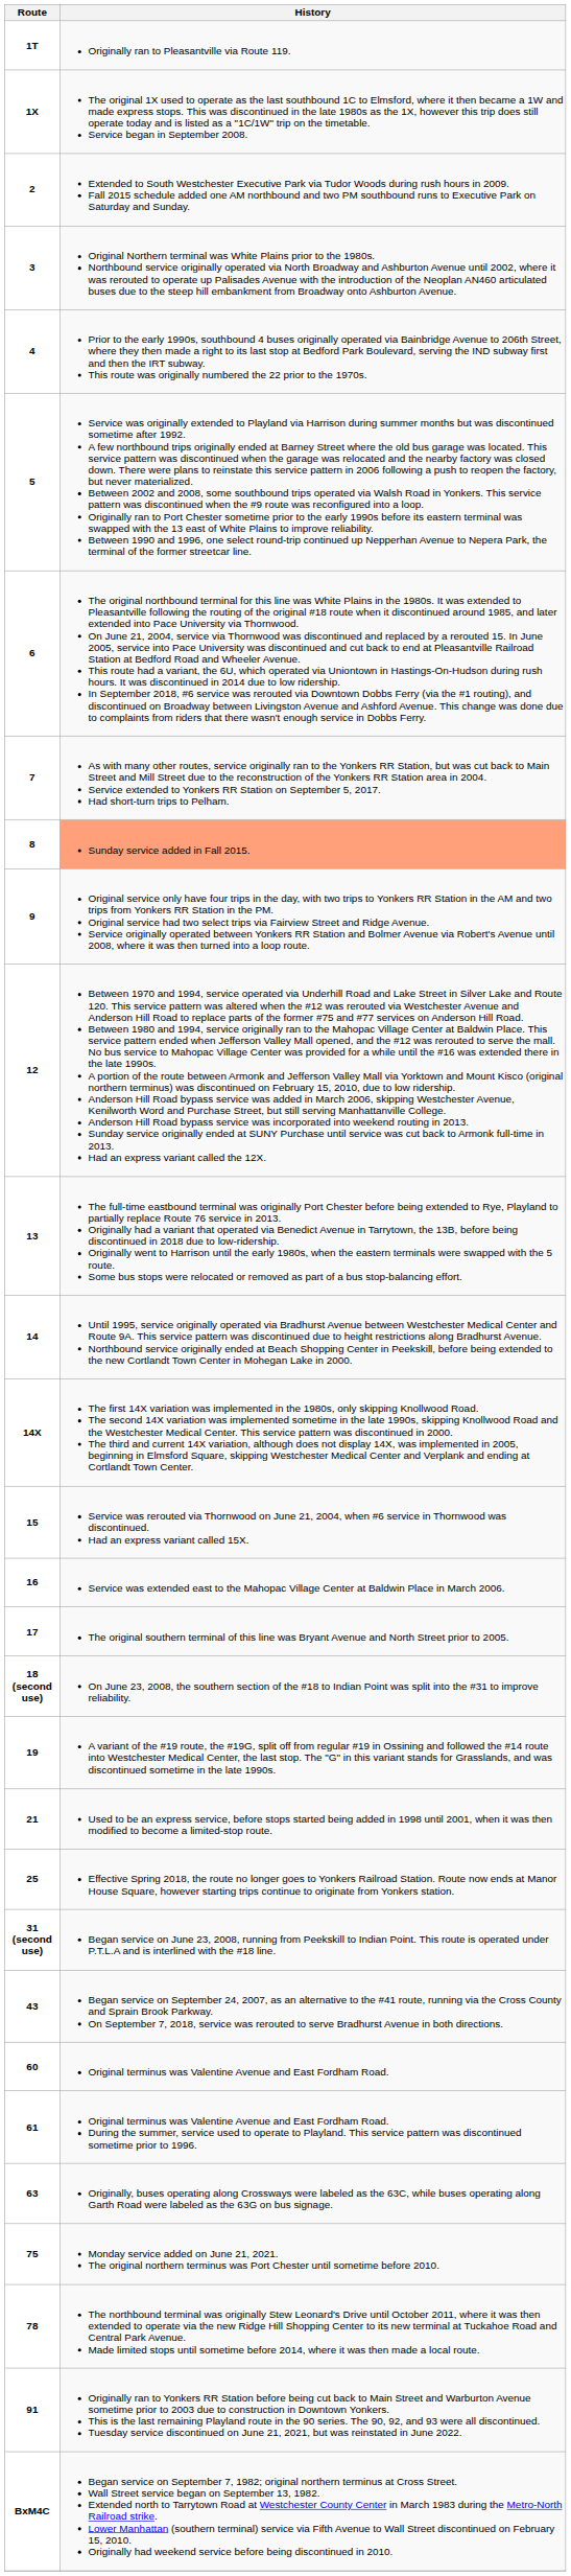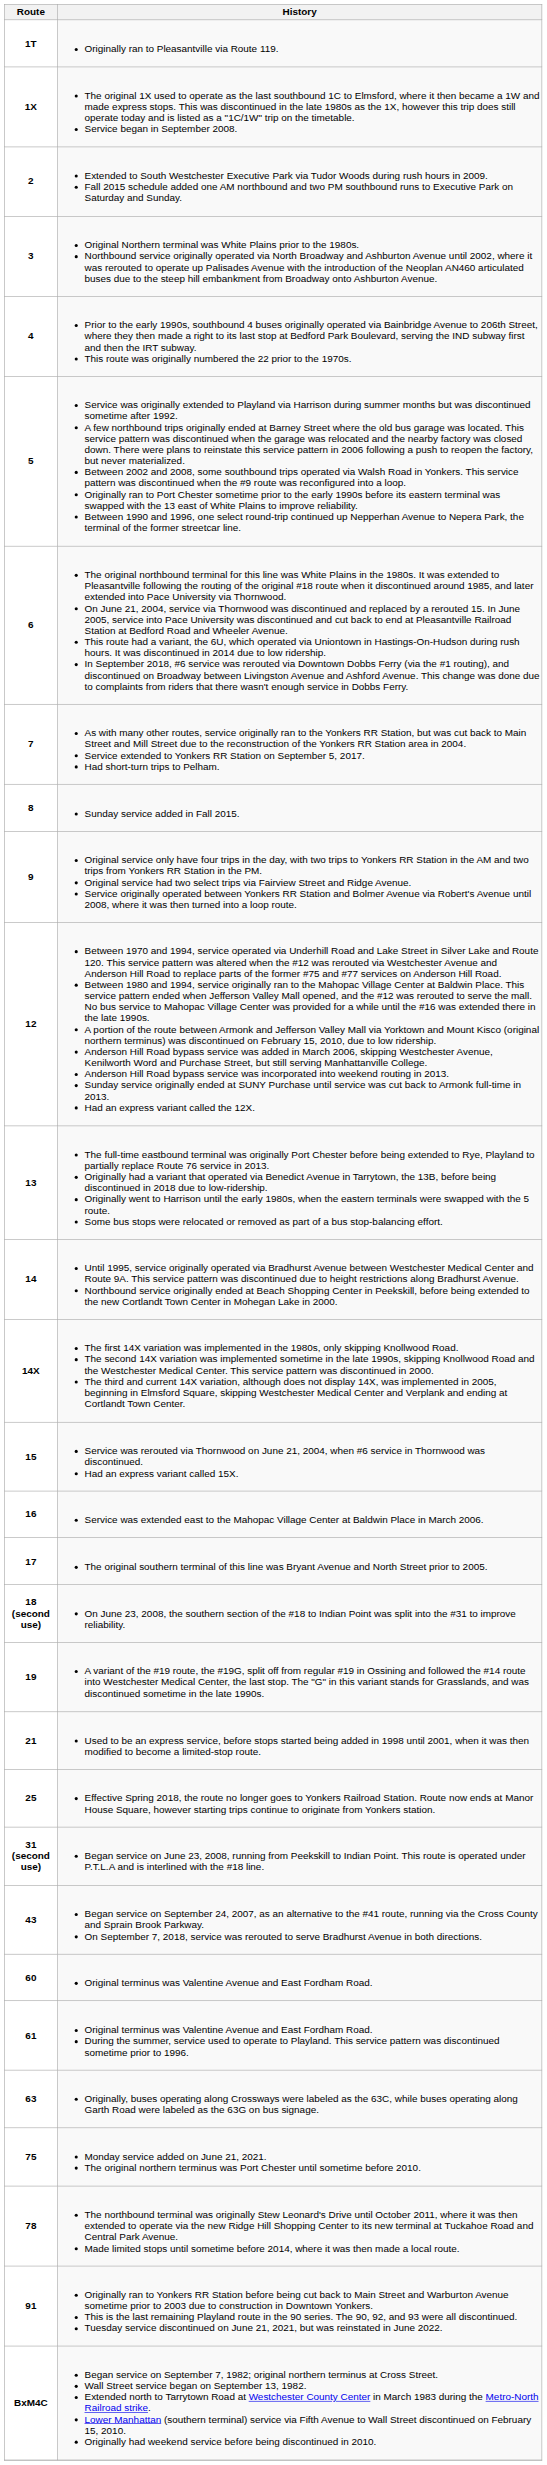 <table class=wikitable style="font-size: 100%;" |>
 <tr>
 <th>Route</th>
 <th>History</th>
 </tr>
 <tr>
 <td style="background:white; color:black" align="center" valign=center><strong>1T</strong></td>
 <td><br><ul><li>Originally ran to Pleasantville via Route 119.</li></ul></td>
 </tr>
 <tr>
 <td style="background:white; color:black" align="center" valign=center><strong>1X</strong></td>
 <td><br><ul><li>The original 1X used to operate as the last southbound 1C to Elmsford, where it then became a 1W and made express stops. This was discontinued in the late 1980s as the 1X, however this trip does still operate today and is listed as a "1C/1W" trip on the timetable.</li><li>Service began in September 2008.</li></ul></td>
 </tr>
 <tr>
 <td style="background:white; color:black" align="center" valign=center><strong>2</strong></td>
 <td><br><ul><li>Extended to South Westchester Executive Park via Tudor Woods during rush hours in 2009.</li><li>Fall 2015 schedule added one AM northbound and two PM southbound runs to Executive Park on Saturday and Sunday.</li></ul></td>
 </tr>
 <tr>
 <td style="background:white; color:black" align="center" valign=center><strong>3</strong></td>
 <td><br><ul><li>Original Northern terminal was White Plains prior to the 1980s.</li><li>Northbound service originally operated via North Broadway and Ashburton Avenue until 2002, where it was rerouted to operate up Palisades Avenue with the introduction of the Neoplan AN460 articulated buses due to the steep hill embankment from Broadway onto Ashburton Avenue.</li></ul></td>
 </tr>
 <tr>
 <td style="background:white; color:black" align="center" valign=center><strong>4</strong></td>
 <td><br><ul><li>Prior to the early 1990s, southbound 4 buses originally operated via Bainbridge Avenue to 206th Street, where they then made a right to its last stop at Bedford Park Boulevard, serving the IND subway first and then the IRT subway.</li><li>This route was originally numbered the 22 prior to the 1970s.</li></ul></td>
 </tr>
 <tr>
 <td style="background:white; color:black" align="center" valign=center><strong>5</strong></td>
 <td><br><ul><li>Service was originally extended to Playland via Harrison during summer months but was discontinued sometime after 1992.</li><li>A few northbound trips originally ended at Barney Street where the old bus garage was located. This service pattern was discontinued when the garage was relocated and the nearby factory was closed down. There were plans to reinstate this service pattern in 2006 following a push to reopen the factory, but never materialized.</li><li>Between 2002 and 2008, some southbound trips operated via Walsh Road in Yonkers. This service pattern was discontinued when the #9 route was reconfigured into a loop.</li><li>Originally ran to Port Chester sometime prior to the early 1990s before its eastern terminal was swapped with the 13 east of White Plains to improve reliability.</li><li>Between 1990 and 1996, one select round-trip continued up Nepperhan Avenue to Nepera Park, the terminal of the former streetcar line.</li></ul></td>
 </tr>
 <tr>
 <td style="background:white; color:black" align="center" valign=center><strong>6</strong></td>
 <td><br><ul><li>The original northbound terminal for this line was White Plains in the 1980s. It was extended to Pleasantville following the routing of the original #18 route when it discontinued around 1985, and later extended into Pace University via Thornwood.</li><li>On June 21, 2004, service via Thornwood was discontinued and replaced by a rerouted 15. In June 2005, service into Pace University was discontinued and cut back to end at Pleasantville Railroad Station at Bedford Road and Wheeler Avenue.</li><li>This route had a variant, the 6U, which operated via Uniontown in Hastings-On-Hudson during rush hours. It was discontinued in 2014 due to low ridership.</li><li>In September 2018, #6 service was rerouted via Downtown Dobbs Ferry (via the #1 routing), and discontinued on Broadway between Livingston Avenue and Ashford Avenue. This change was done due to complaints from riders that there wasn't enough service in Dobbs Ferry.</li></ul></td>
 </tr>
 <tr>
 <td style="background:white; color:black" align="center" valign=center><strong>7</strong></td>
 <td><br><ul><li>As with many other routes, service originally ran to the Yonkers RR Station, but was cut back to Main Street and Mill Street due to the reconstruction of the Yonkers RR Station area in 2004.</li><li>Service extended to Yonkers RR Station on September 5, 2017.</li><li>Had short-turn trips to Pelham.</li></ul></td>
 </tr>
 <tr>
 <td style="background:white; color:black" align="center" valign=center><strong>8</strong></td>
-<td style="background: lightsalmon;"><br><ul><li>Sunday service added in Fall 2015.</li></ul></td>
+<td><br><ul><li>Sunday service added in Fall 2015.</li></ul></td>
 </tr>
 <tr>
 <td style="background:white; color:black" align="center" valign=center><strong>9</strong></td>
 <td><br><ul><li>Original service only have four trips in the day, with two trips to Yonkers RR Station in the AM and two trips from Yonkers RR Station in the PM.</li><li>Original service had two select trips via Fairview Street and Ridge Avenue.</li><li>Service originally operated between Yonkers RR Station and Bolmer Avenue via Robert's Avenue until 2008, where it was then turned into a loop route.</li></ul></td>
 </tr>
 <tr>
 <td style="background:white; color:black" align="center" valign=center><strong>12</strong></td>
 <td><br><ul><li>Between 1970 and 1994, service operated via Underhill Road and Lake Street in Silver Lake and Route 120. This service pattern was altered when the #12 was rerouted via Westchester Avenue and Anderson Hill Road to replace parts of the former #75 and #77 services on Anderson Hill Road.</li><li>Between 1980 and 1994, service originally ran to the Mahopac Village Center at Baldwin Place. This service pattern ended when Jefferson Valley Mall opened, and the #12 was rerouted to serve the mall. No bus service to Mahopac Village Center was provided for a while until the #16 was extended there in the late 1990s.</li><li>A portion of the route between Armonk and Jefferson Valley Mall via Yorktown and Mount Kisco (original northern terminus) was discontinued on February 15, 2010, due to low ridership.</li><li>Anderson Hill Road bypass service was added in March 2006, skipping Westchester Avenue, Kenilworth Word and Purchase Street, but still serving Manhattanville College.</li><li>Anderson Hill Road bypass service was incorporated into weekend routing in 2013.</li><li>Sunday service originally ended at SUNY Purchase until service was cut back to Armonk full-time in 2013.</li><li>Had an express variant called the 12X.</li></ul></td>
 </tr>
 <tr>
 <td style="background:white; color:black" align="center" valign=center><strong>13</strong></td>
 <td><br><ul><li>The full-time eastbound terminal was originally Port Chester before being extended to Rye, Playland to partially replace Route 76 service in 2013.</li><li>Originally had a variant that operated via Benedict Avenue in Tarrytown, the 13B, before being discontinued in 2018 due to low-ridership.</li><li>Originally went to Harrison until the early 1980s, when the eastern terminals were swapped with the 5 route.</li><li>Some bus stops were relocated or removed as part of a bus stop-balancing effort.</li></ul></td>
 </tr>
 <tr>
 <td style="background:white; color:black" align="center" valign=center><strong>14</strong></td>
 <td><br><ul><li>Until 1995, service originally operated via Bradhurst Avenue between Westchester Medical Center and Route 9A. This service pattern was discontinued due to height restrictions along Bradhurst Avenue.</li><li>Northbound service originally ended at Beach Shopping Center in Peekskill, before being extended to the new Cortlandt Town Center in Mohegan Lake in 2000.</li></ul></td>
 </tr>
 <tr>
 <td style="background:white; color:black" align="center" valign=center><strong>14X</strong></td>
 <td><br><ul><li>The first 14X variation was implemented in the 1980s, only skipping Knollwood Road.</li><li>The second 14X variation was implemented sometime in the late 1990s, skipping Knollwood Road and the Westchester Medical Center. This service pattern was discontinued in 2000.</li><li>The third and current 14X variation, although does not display 14X, was implemented in 2005, beginning in Elmsford Square, skipping Westchester Medical Center and Verplank and ending at Cortlandt Town Center.</li></ul></td>
 </tr>
 <tr>
 <td style="background:white; color:black" align="center" valign=center><strong>15</strong></td>
 <td><br><ul><li>Service was rerouted via Thornwood on June 21, 2004, when #6 service in Thornwood was discontinued.</li><li>Had an express variant called 15X.</li></ul></td>
 </tr>
 <tr>
 <td style="background:white; color:black" align="center" valign=center><strong>16</strong></td>
 <td><br><ul><li>Service was extended east to the Mahopac Village Center at Baldwin Place in March 2006.</li></ul></td>
 </tr>
 <tr>
 <td style="background:white; color:black" align="center" valign=center><strong>17</strong></td>
 <td><br><ul><li>The original southern terminal of this line was Bryant Avenue and North Street prior to 2005.</li></ul></td>
 </tr>
 <tr>
 <td style="background:white; color:black" align="center" valign=center><strong>18 (second use)</strong></td>
 <td><br><ul><li>On June 23, 2008, the southern section of the #18 to Indian Point was split into the #31 to improve reliability.</li></ul></td>
 </tr>
 <tr>
 <td style="background:white; color:black" align="center" valign=center><strong>19</strong></td>
 <td><br><ul><li>A variant of the #19 route, the #19G, split off from regular #19 in Ossining and followed the #14 route into Westchester Medical Center, the last stop. The "G" in this variant stands for Grasslands, and was discontinued sometime in the late 1990s.</li></ul></td>
 </tr>
 <tr>
 <td style="background:white; color:black" align="center" valign=center><strong>21</strong></td>
 <td><br><ul><li>Used to be an express service, before stops started being added in 1998 until 2001, when it was then modified to become a limited-stop route.</li></ul></td>
 </tr>
 <tr>
 <td style="background:white; color:black" align="center" valign=center><strong>25</strong></td>
 <td><br><ul><li>Effective Spring 2018, the route no longer goes to Yonkers Railroad Station. Route now ends at Manor House Square, however starting trips continue to originate from Yonkers station.</li></ul></td>
 </tr>
 <tr>
 <td style="background:white; color:black" align="center" valign=center><strong>31 (second use)</strong></td>
 <td><br><ul><li>Began service on June 23, 2008, running from Peekskill to Indian Point. This route is operated under P.T.L.A and is interlined with the #18 line.</li></ul></td>
 </tr>
 <tr>
 <td style="background:white; color:black" align="center" valign=center><strong>43</strong></td>
 <td><br><ul><li>Began service on September 24, 2007, as an alternative to the #41 route, running via the Cross County and Sprain Brook Parkway.</li><li>On September 7, 2018, service was rerouted to serve Bradhurst Avenue in both directions.</li></ul></td>
 </tr>
 <tr>
 <td style="background:white; color:black" align="center" valign=center><strong>60</strong></td>
 <td><br><ul><li>Original terminus was Valentine Avenue and East Fordham Road.</li></ul></td>
 </tr>
 <tr>
 <td style="background:white; color:black" align="center" valign="center"><strong>61</strong></td>
 <td><br><ul><li>Original terminus was Valentine Avenue and East Fordham Road.</li><li>During the summer, service used to operate to Playland. This service pattern was discontinued sometime prior to 1996.</li></ul></td>
 </tr>
 <tr>
 <td style="background:white; color:black" align="center" valign=center><strong>63</strong></td>
 <td><br><ul><li>Originally, buses operating along Crossways were labeled as the 63C, while buses operating along Garth Road were labeled as the 63G on bus signage.</li></ul></td>
 </tr>
 <tr>
 <td style="background:white; color:black" align="center" valign=center><strong>75</strong></td>
 <td><br><ul><li>Monday service added on June 21, 2021.</li><li>The original northern terminus was Port Chester until sometime before 2010.</li></ul></td>
 </tr>
 <tr>
 <td style="background:white; color:black" align="center" valign=center><strong>78</strong></td>
 <td><br><ul><li>The northbound terminal was originally Stew Leonard's Drive until October 2011, where it was then extended to operate via the new Ridge Hill Shopping Center to its new terminal at Tuckahoe Road and Central Park Avenue.</li><li>Made limited stops until sometime before 2014, where it was then made a local route.</li></ul></td>
 </tr>
 <tr>
 <td style="background:white; color:black" align="center" valign=center><strong>91</strong></td>
 <td><br><ul><li>Originally ran to Yonkers RR Station before being cut back to Main Street and Warburton Avenue sometime prior to 2003 due to construction in Downtown Yonkers.</li><li>This is the last remaining Playland route in the 90 series. The 90, 92, and 93 were all discontinued.</li><li>Tuesday service discontinued on June 21, 2021, but was reinstated in June 2022.</li></ul></td>
 </tr>
 <tr>
 <td style="background:white; color:black" align="center" valign=center><strong>BxM4C</strong></td>
 <td><br><ul><li>Began service on September 7, 1982; original northern terminus at Cross Street.</li><li>Wall Street service began on September 13, 1982.</li><li>Extended north to Tarrytown Road at <a href='#'>Westchester County Center</a> in March 1983 during the <a href='#'>Metro-North Railroad strike</a>.</li><li><a href='#'>Lower Manhattan</a> (southern terminal) service via Fifth Avenue to Wall Street discontinued on February 15, 2010.</li><li>Originally had weekend service before being discontinued in 2010.</li></ul></td>
 </tr>
 <tr>
 </tr>
 </table>
